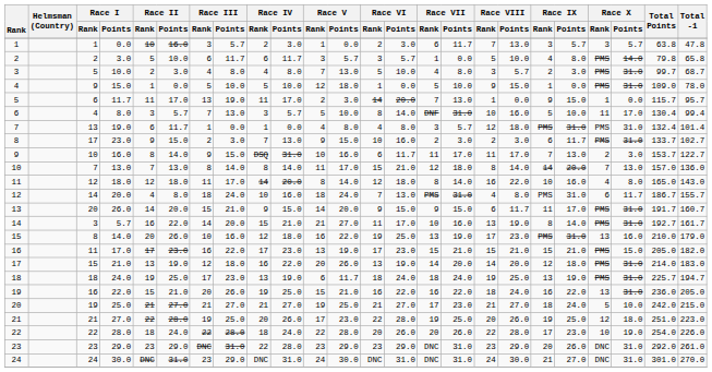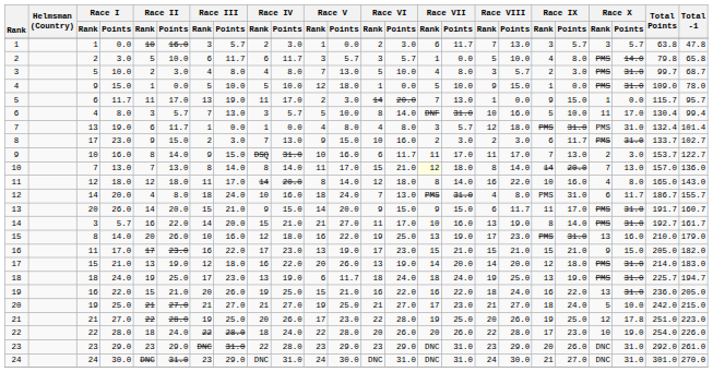 <table class="wikitable" style="text-align:right; font-size:90%">
 <tr>
 <th rowspan="2"><br><br>Rank</th>
 <th rowspan="2">Helmsman (Country)</th>
 <th colspan="2">Race I</th>
 <th colspan="2">Race II</th>
 <th colspan="2">Race III</th>
 <th colspan="2">Race IV</th>
 <th colspan="2">Race V</th>
 <th colspan="2">Race VI</th>
 <th colspan="2">Race VII</th>
 <th colspan="2">Race VIII</th>
 <th colspan="2">Race IX</th>
 <th colspan="2">Race X</th>
 <th rowspan="2">Total <br>Points <br> </th>
 <th rowspan="2">Total<br>-1<br> </th>
 </tr>
 <tr>
 <th>Rank</th>
 <th>Points</th>
 <th>Rank</th>
 <th>Points</th>
 <th>Rank</th>
 <th>Points</th>
 <th>Rank</th>
 <th>Points</th>
 <th>Rank</th>
 <th>Points</th>
 <th>Rank</th>
 <th>Points</th>
 <th>Rank</th>
 <th>Points</th>
 <th>Rank</th>
 <th>Points</th>
 <th>Rank</th>
 <th>Points</th>
 <th>Rank</th>
 <th>Points</th>
 </tr>
 <tr style="vertical-align:top;">
 </tr>
 <tr>
 <td align=center>1</td>
 <td align=left></td>
 <td>1</td>
 <td>0.0</td>
 <td><s>10</s></td>
 <td><s>16.0</s></td>
 <td>3</td>
 <td>5.7</td>
 <td>2</td>
 <td>3.0</td>
 <td>1</td>
 <td>0.0</td>
 <td>2</td>
 <td>3.0</td>
 <td>6</td>
 <td>11.7</td>
 <td>7</td>
 <td>13.0</td>
 <td>3</td>
 <td>5.7</td>
 <td>3</td>
 <td>5.7</td>
 <td>63.8</td>
 <td>47.8</td>
 </tr>
 <tr>
 <td align=center>2</td>
 <td align=left></td>
 <td>2</td>
 <td>3.0</td>
 <td>5</td>
 <td>10.0</td>
 <td>6</td>
 <td>11.7</td>
 <td>6</td>
 <td>11.7</td>
 <td>3</td>
 <td>5.7</td>
 <td>3</td>
 <td>5.7</td>
 <td>1</td>
 <td>0.0</td>
 <td>5</td>
 <td>10.0</td>
 <td>4</td>
 <td>8.0</td>
 <td><s>PMS</s></td>
 <td><s>14.0</s></td>
 <td>79.8</td>
 <td>65.8</td>
 </tr>
 <tr>
 <td align=center>3</td>
 <td align=left></td>
 <td>5</td>
 <td>10.0</td>
 <td>2</td>
 <td>3.0</td>
 <td>4</td>
 <td>8.0</td>
 <td>4</td>
 <td>8.0</td>
 <td>7</td>
 <td>13.0</td>
 <td>5</td>
 <td>10.0</td>
 <td>4</td>
 <td>8.0</td>
 <td>3</td>
 <td>5.7</td>
 <td>2</td>
 <td>3.0</td>
 <td><s>PMS</s></td>
 <td><s>31.0</s></td>
 <td>99.7</td>
 <td>68.7</td>
 </tr>
 <tr>
 <td align=center>4</td>
 <td align=left></td>
 <td>9</td>
 <td>15.0</td>
 <td>1</td>
 <td>0.0</td>
 <td>5</td>
 <td>10.0</td>
 <td>5</td>
 <td>10.0</td>
 <td>12</td>
 <td>18.0</td>
 <td>1</td>
 <td>0.0</td>
 <td>5</td>
 <td>10.0</td>
 <td>9</td>
 <td>15.0</td>
 <td>1</td>
 <td>0.0</td>
 <td><s>PMS</s></td>
 <td><s>31.0</s></td>
 <td>109.0</td>
 <td>78.0</td>
 </tr>
 <tr>
 <td align=center>5</td>
 <td align=left></td>
 <td>6</td>
 <td>11.7</td>
 <td>11</td>
 <td>17.0</td>
 <td>13</td>
 <td>19.0</td>
 <td>11</td>
 <td>17.0</td>
 <td>2</td>
 <td>3.0</td>
 <td><s>14</s></td>
 <td><s>20.0</s></td>
 <td>7</td>
 <td>13.0</td>
 <td>1</td>
 <td>0.0</td>
 <td>9</td>
 <td>15.0</td>
 <td>1</td>
 <td>0.0</td>
 <td>115.7</td>
 <td>95.7</td>
 </tr>
 <tr>
 <td align=center>6</td>
 <td align=left></td>
 <td>4</td>
 <td>8.0</td>
 <td>3</td>
 <td>5.7</td>
 <td>7</td>
 <td>13.0</td>
 <td>3</td>
 <td>5.7</td>
 <td>5</td>
 <td>10.0</td>
 <td>8</td>
 <td>14.0</td>
 <td><s>DNF</s></td>
 <td><s>31.0</s></td>
 <td>10</td>
 <td>16.0</td>
 <td>5</td>
 <td>10.0</td>
 <td>11</td>
 <td>17.0</td>
 <td>130.4</td>
 <td>99.4</td>
 </tr>
 <tr>
 <td align=center>7</td>
 <td align=left></td>
 <td>13</td>
 <td>19.0</td>
 <td>6</td>
 <td>11.7</td>
 <td>1</td>
 <td>0.0</td>
 <td>1</td>
 <td>0.0</td>
 <td>4</td>
 <td>8.0</td>
 <td>4</td>
 <td>8.0</td>
 <td>3</td>
 <td>5.7</td>
 <td>12</td>
 <td>18.0</td>
 <td><s>PMS</s></td>
 <td><s>31.0</s></td>
 <td>PMS</td>
 <td>31.0</td>
 <td>132.4</td>
 <td>101.4</td>
 </tr>
 <tr>
 <td align=center>8</td>
 <td align=left></td>
 <td>17</td>
 <td>23.0</td>
 <td>9</td>
 <td>15.0</td>
 <td>2</td>
 <td>3.0</td>
 <td>7</td>
 <td>13.0</td>
 <td>9</td>
 <td>15.0</td>
 <td>10</td>
 <td>16.0</td>
 <td>2</td>
 <td>3.0</td>
 <td>2</td>
 <td>3.0</td>
 <td>6</td>
 <td>11.7</td>
 <td><s>PMS</s></td>
 <td><s>31.0</s></td>
 <td>133.7</td>
 <td>102.7</td>
 </tr>
 <tr>
 <td align=center>9</td>
 <td align=left></td>
 <td>10</td>
 <td>16.0</td>
 <td>8</td>
 <td>14.0</td>
 <td>9</td>
 <td>15.0</td>
 <td><s>DSQ</s></td>
 <td><s>31.0</s></td>
 <td>10</td>
 <td>16.0</td>
 <td>6</td>
 <td>11.7</td>
 <td>11</td>
 <td>17.0</td>
 <td>11</td>
 <td>17.0</td>
 <td>7</td>
 <td>13.0</td>
 <td>2</td>
 <td>3.0</td>
 <td>153.7</td>
 <td>122.7</td>
 </tr>
 <tr>
 <td align=center>10</td>
 <td align=left></td>
 <td>7</td>
 <td>13.0</td>
 <td>7</td>
 <td>13.0</td>
 <td>8</td>
 <td>14.0</td>
 <td>8</td>
 <td>14.0</td>
 <td>11</td>
 <td>17.0</td>
 <td>15</td>
 <td>21.0</td>
-<td>12</td>
+<td style="background: lightyellow;">12</td>
 <td>18.0</td>
 <td>8</td>
 <td>14.0</td>
 <td><s>14</s></td>
 <td><s>20.0</s></td>
 <td>7</td>
 <td>13.0</td>
 <td>157.0</td>
 <td>136.0</td>
 </tr>
 <tr>
 <td align=center>11</td>
 <td align=left></td>
 <td>12</td>
 <td>18.0</td>
 <td>12</td>
 <td>18.0</td>
 <td>11</td>
 <td>17.0</td>
 <td><s>14</s></td>
 <td><s>20.0</s></td>
 <td>8</td>
 <td>14.0</td>
 <td>12</td>
 <td>18.0</td>
 <td>8</td>
 <td>14.0</td>
 <td>16</td>
 <td>22.0</td>
 <td>10</td>
 <td>16.0</td>
 <td>4</td>
 <td>8.0</td>
 <td>165.0</td>
 <td>143.0</td>
 </tr>
 <tr>
 <td align=center>12</td>
 <td align=left></td>
 <td>14</td>
 <td>20.0</td>
 <td>4</td>
 <td>8.0</td>
 <td>18</td>
 <td>24.0</td>
 <td>10</td>
 <td>16.0</td>
 <td>18</td>
 <td>24.0</td>
 <td>7</td>
 <td>13.0</td>
 <td><s>PMS</s></td>
 <td><s>31.0</s></td>
 <td>4</td>
 <td>8.0</td>
 <td>PMS</td>
 <td>31.0</td>
 <td>6</td>
 <td>11.7</td>
 <td>186.7</td>
 <td>155.7</td>
 </tr>
 <tr>
 <td align=center>13</td>
 <td align=left></td>
 <td>20</td>
 <td>26.0</td>
 <td>14</td>
 <td>20.0</td>
 <td>15</td>
 <td>21.0</td>
 <td>9</td>
 <td>15.0</td>
 <td>14</td>
 <td>20.0</td>
 <td>9</td>
 <td>15.0</td>
 <td>9</td>
 <td>15.0</td>
 <td>6</td>
 <td>11.7</td>
 <td>11</td>
 <td>17.0</td>
 <td><s>PMS</s></td>
 <td><s>31.0</s></td>
 <td>191.7</td>
 <td>160.7</td>
 </tr>
 <tr>
 <td align=center>14</td>
 <td align=left></td>
 <td>3</td>
 <td>5.7</td>
 <td>16</td>
 <td>22.0</td>
 <td>14</td>
 <td>20.0</td>
 <td>15</td>
 <td>21.0</td>
 <td>21</td>
 <td>27.0</td>
 <td>11</td>
 <td>17.0</td>
 <td>10</td>
 <td>16.0</td>
 <td>13</td>
 <td>19.0</td>
 <td>8</td>
 <td>14.0</td>
 <td><s>PMS</s></td>
 <td><s>31.0</s></td>
 <td>192.7</td>
 <td>161.7</td>
 </tr>
 <tr>
 <td align=center>15</td>
 <td align=left></td>
 <td>8</td>
 <td>14.0</td>
 <td>20</td>
 <td>26.0</td>
 <td>10</td>
 <td>16.0</td>
 <td>12</td>
 <td>18.0</td>
 <td>16</td>
 <td>22.0</td>
 <td>19</td>
 <td>25.0</td>
 <td>13</td>
 <td>19.0</td>
 <td>17</td>
 <td>23.0</td>
 <td><s>PMS</s></td>
 <td><s>31.0</s></td>
 <td>13</td>
 <td>16.0</td>
 <td>210.0</td>
 <td>179.0</td>
 </tr>
 <tr>
 <td align=center>16</td>
 <td align=left></td>
 <td>11</td>
 <td>17.0</td>
 <td><s>17</s></td>
 <td><s>23.0</s></td>
 <td>16</td>
 <td>22.0</td>
 <td>17</td>
 <td>23.0</td>
 <td>13</td>
 <td>19.0</td>
 <td>17</td>
 <td>23.0</td>
 <td>15</td>
 <td>21.0</td>
 <td>15</td>
 <td>21.0</td>
 <td>15</td>
 <td>21.0</td>
-<td><s>PMS</s></td>
+<td>9</td>
 <td>15.0</td>
 <td>205.0</td>
 <td>182.0</td>
 </tr>
 <tr>
 <td align=center>17</td>
 <td align=left></td>
 <td>15</td>
 <td>21.0</td>
 <td>13</td>
 <td>19.0</td>
 <td>12</td>
 <td>18.0</td>
 <td>16</td>
 <td>22.0</td>
 <td>20</td>
 <td>26.0</td>
 <td>13</td>
 <td>19.0</td>
 <td>14</td>
 <td>20.0</td>
 <td>14</td>
 <td>20.0</td>
 <td>12</td>
 <td>18.0</td>
 <td><s>PMS</s></td>
 <td><s>31.0</s></td>
 <td>214.0</td>
 <td>183.0</td>
 </tr>
 <tr>
 <td align=center>18</td>
 <td align=left></td>
 <td>18</td>
 <td>24.0</td>
 <td>19</td>
 <td>25.0</td>
 <td>17</td>
 <td>23.0</td>
 <td>13</td>
 <td>19.0</td>
 <td>6</td>
 <td>11.7</td>
 <td>18</td>
 <td>24.0</td>
 <td>18</td>
 <td>24.0</td>
 <td>19</td>
 <td>25.0</td>
 <td>13</td>
 <td>19.0</td>
 <td><s>PMS</s></td>
 <td><s>31.0</s></td>
 <td>225.7</td>
 <td>194.7</td>
 </tr>
 <tr>
 <td align=center>19</td>
 <td align=left></td>
 <td>16</td>
 <td>22.0</td>
 <td>15</td>
 <td>21.0</td>
 <td>20</td>
 <td>26.0</td>
 <td>19</td>
 <td>25.0</td>
 <td>15</td>
 <td>21.0</td>
 <td>16</td>
 <td>22.0</td>
 <td>16</td>
 <td>22.0</td>
 <td>18</td>
 <td>24.0</td>
 <td>16</td>
 <td>22.0</td>
 <td>13</td>
 <td><s>31.0</s></td>
 <td>236.0</td>
 <td>205.0</td>
 </tr>
 <tr>
 <td align=center>20</td>
 <td align=left></td>
 <td>19</td>
 <td>25.0</td>
 <td><s>21</s></td>
 <td><s>27.0</s></td>
 <td>21</td>
 <td>27.0</td>
 <td>21</td>
 <td>27.0</td>
 <td>19</td>
 <td>25.0</td>
 <td>21</td>
 <td>27.0</td>
 <td>17</td>
 <td>23.0</td>
 <td>21</td>
 <td>27.0</td>
 <td>18</td>
 <td>24.0</td>
 <td>5</td>
 <td>10.0</td>
 <td>242.0</td>
 <td>215.0</td>
 </tr>
 <tr>
 <td align=center>21</td>
 <td align=left></td>
 <td>21</td>
 <td>27.0</td>
 <td><s>22</s></td>
 <td><s>28.0</s></td>
 <td>19</td>
 <td>25.0</td>
 <td>20</td>
 <td>26.0</td>
 <td>17</td>
 <td>23.0</td>
 <td>22</td>
 <td>28.0</td>
 <td>19</td>
 <td>25.0</td>
 <td>20</td>
 <td>26.0</td>
 <td>19</td>
 <td>25.0</td>
 <td>12</td>
-<td>18.0</td>
+<td>17.8</td>
 <td>251.0</td>
 <td>223.0</td>
 </tr>
 <tr>
 <td align=center>22</td>
 <td align=left></td>
 <td>22</td>
 <td>28.0</td>
 <td>18</td>
 <td>24.0</td>
 <td><s>22</s></td>
 <td><s>28.0</s></td>
 <td>18</td>
 <td>24.0</td>
 <td>22</td>
 <td>28.0</td>
 <td>20</td>
 <td>26.0</td>
 <td>20</td>
 <td>26.0</td>
 <td>22</td>
 <td>28.0</td>
 <td>17</td>
 <td>23.0</td>
 <td>10</td>
 <td>19.0</td>
 <td>254.0</td>
 <td>226.0</td>
 </tr>
 <tr>
 <td align=center>23</td>
 <td align=left></td>
 <td>23</td>
 <td>29.0</td>
 <td>23</td>
 <td>29.0</td>
 <td><s>DNC</s></td>
 <td><s>31.0</s></td>
 <td>22</td>
 <td>28.0</td>
 <td>23</td>
 <td>29.0</td>
 <td>23</td>
 <td>29.0</td>
 <td>DNC</td>
 <td>31.0</td>
 <td>23</td>
 <td>29.0</td>
 <td>20</td>
 <td>26.0</td>
 <td>DNC</td>
 <td>31.0</td>
 <td>292.0</td>
 <td>261.0</td>
 </tr>
 <tr>
 <td align=center>24</td>
 <td align=left></td>
 <td>24</td>
 <td>30.0</td>
 <td><s>DNC</s></td>
 <td><s>31.0</s></td>
 <td>23</td>
 <td>29.0</td>
 <td>DNC</td>
 <td>31.0</td>
 <td>24</td>
 <td>30.0</td>
 <td>DNC</td>
 <td>31.0</td>
 <td>DNC</td>
 <td>31.0</td>
 <td>24</td>
 <td>30.0</td>
 <td>21</td>
 <td>27.0</td>
 <td>DNC</td>
 <td>31.0</td>
 <td>301.0</td>
 <td>270.0</td>
 </tr>
 <tr>
 </tr>
 </table>
